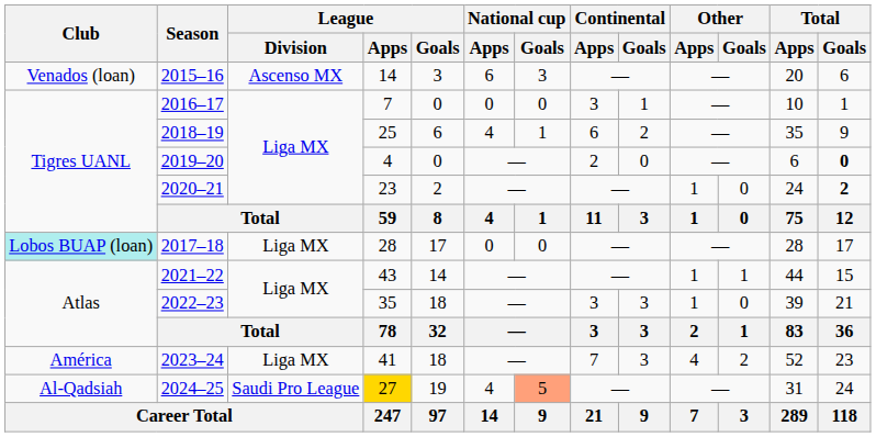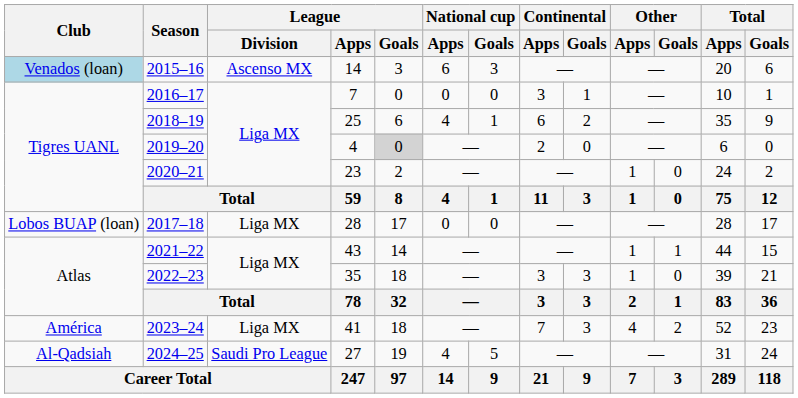 <table class="wikitable" style="text-align: center;">
 <tr>
 <th rowspan="2">Club</th>
 <th rowspan="2">Season</th>
 <th colspan="3">League</th>
 <th colspan="2">National cup</th>
 <th colspan="2">Continental</th>
 <th colspan="2">Other</th>
 <th colspan="2">Total</th>
 </tr>
 <tr>
 <th>Division</th>
 <th>Apps</th>
 <th>Goals</th>
 <th>Apps</th>
 <th>Goals</th>
 <th>Apps</th>
 <th>Goals</th>
 <th>Apps</th>
 <th>Goals</th>
 <th>Apps</th>
 <th>Goals</th>
 </tr>
 <tr>
-<td><a href='#'>Venados</a> (loan)</td>
+<td style="background: lightblue;"><a href='#'>Venados</a> (loan)</td>
 <td><a href='#'>2015–16</a></td>
 <td><a href='#'>Ascenso MX</a></td>
 <td>14</td>
 <td>3</td>
 <td>6</td>
 <td>3</td>
 <td colspan="2">—</td>
 <td colspan="2">—</td>
 <td>20</td>
 <td>6</td>
 </tr>
 <tr>
 <td rowspan="5"><a href='#'>Tigres UANL</a></td>
 <td><a href='#'>2016–17</a></td>
 <td rowspan="4"><a href='#'>Liga MX</a></td>
 <td>7</td>
 <td>0</td>
 <td>0</td>
 <td>0</td>
 <td>3</td>
 <td>1</td>
 <td colspan="2">—</td>
 <td>10</td>
 <td>1</td>
 </tr>
 <tr>
 <td><a href='#'>2018–19</a></td>
 <td>25</td>
 <td>6</td>
 <td>4</td>
 <td>1</td>
 <td>6</td>
 <td>2</td>
 <td colspan="2">—</td>
 <td>35</td>
 <td>9</td>
 </tr>
 <tr>
 <td><a href='#'>2019–20</a></td>
 <td>4</td>
-<td>0</td>
+<td style="background: lightgrey;">0</td>
 <td colspan="2">—</td>
 <td>2</td>
 <td>0</td>
 <td colspan="2">—</td>
 <td>6</td>
-<td><strong>0</strong></td>
+<td>0</td>
 </tr>
 <tr>
 <td><a href='#'>2020–21</a></td>
 <td>23</td>
 <td>2</td>
 <td colspan="2">—</td>
 <td colspan="2">—</td>
 <td>1</td>
 <td>0</td>
 <td>24</td>
-<td><strong>2</strong></td>
+<td>2</td>
 </tr>
 <tr>
 <th colspan="2">Total</th>
 <th>59</th>
 <th>8</th>
 <th>4</th>
 <th>1</th>
 <th>11</th>
 <th>3</th>
 <th>1</th>
 <th>0</th>
 <th>75</th>
 <th>12</th>
 </tr>
 <tr>
-<td style="background: paleturquoise;"><a href='#'>Lobos BUAP</a> (loan)</td>
+<td><a href='#'>Lobos BUAP</a> (loan)</td>
 <td><a href='#'>2017–18</a></td>
 <td>Liga MX</td>
 <td>28</td>
 <td>17</td>
 <td>0</td>
 <td>0</td>
 <td colspan="2">—</td>
 <td colspan="2">—</td>
 <td>28</td>
 <td>17</td>
 </tr>
 <tr>
 <td rowspan="3">Atlas</td>
 <td><a href='#'>2021–22</a></td>
 <td rowspan="2">Liga MX</td>
 <td>43</td>
 <td>14</td>
 <td colspan="2">—</td>
 <td colspan="2">—</td>
 <td>1</td>
 <td>1</td>
 <td>44</td>
 <td>15</td>
 </tr>
 <tr>
 <td><a href='#'>2022–23</a></td>
 <td>35</td>
 <td>18</td>
 <td colspan="2">—</td>
 <td>3</td>
 <td>3</td>
 <td>1</td>
 <td>0</td>
 <td>39</td>
 <td>21</td>
 </tr>
 <tr>
 <th colspan="2">Total</th>
 <th>78</th>
 <th>32</th>
 <th colspan="2">—</th>
 <th>3</th>
 <th>3</th>
 <th>2</th>
 <th>1</th>
 <th>83</th>
 <th>36</th>
 </tr>
 <tr>
 <td><a href='#'>América</a></td>
 <td><a href='#'>2023–24</a></td>
 <td>Liga MX</td>
 <td>41</td>
 <td>18</td>
 <td colspan="2">—</td>
 <td>7</td>
 <td>3</td>
 <td>4</td>
 <td>2</td>
 <td>52</td>
 <td>23</td>
 </tr>
 <tr>
 <td><a href='#'>Al-Qadsiah</a></td>
 <td><a href='#'>2024–25</a></td>
 <td><a href='#'>Saudi Pro League</a></td>
-<td style="background: gold;">27</td>
+<td>27</td>
 <td>19</td>
 <td>4</td>
-<td style="background: lightsalmon;">5</td>
+<td>5</td>
 <td colspan="2">—</td>
 <td colspan="2">—</td>
 <td>31</td>
 <td>24</td>
 </tr>
 <tr>
 <th colspan="3">Career Total</th>
 <th>247</th>
 <th>97</th>
 <th>14</th>
 <th>9</th>
 <th>21</th>
 <th>9</th>
 <th>7</th>
 <th>3</th>
 <th>289</th>
 <th>118</th>
 </tr>
 </table>
